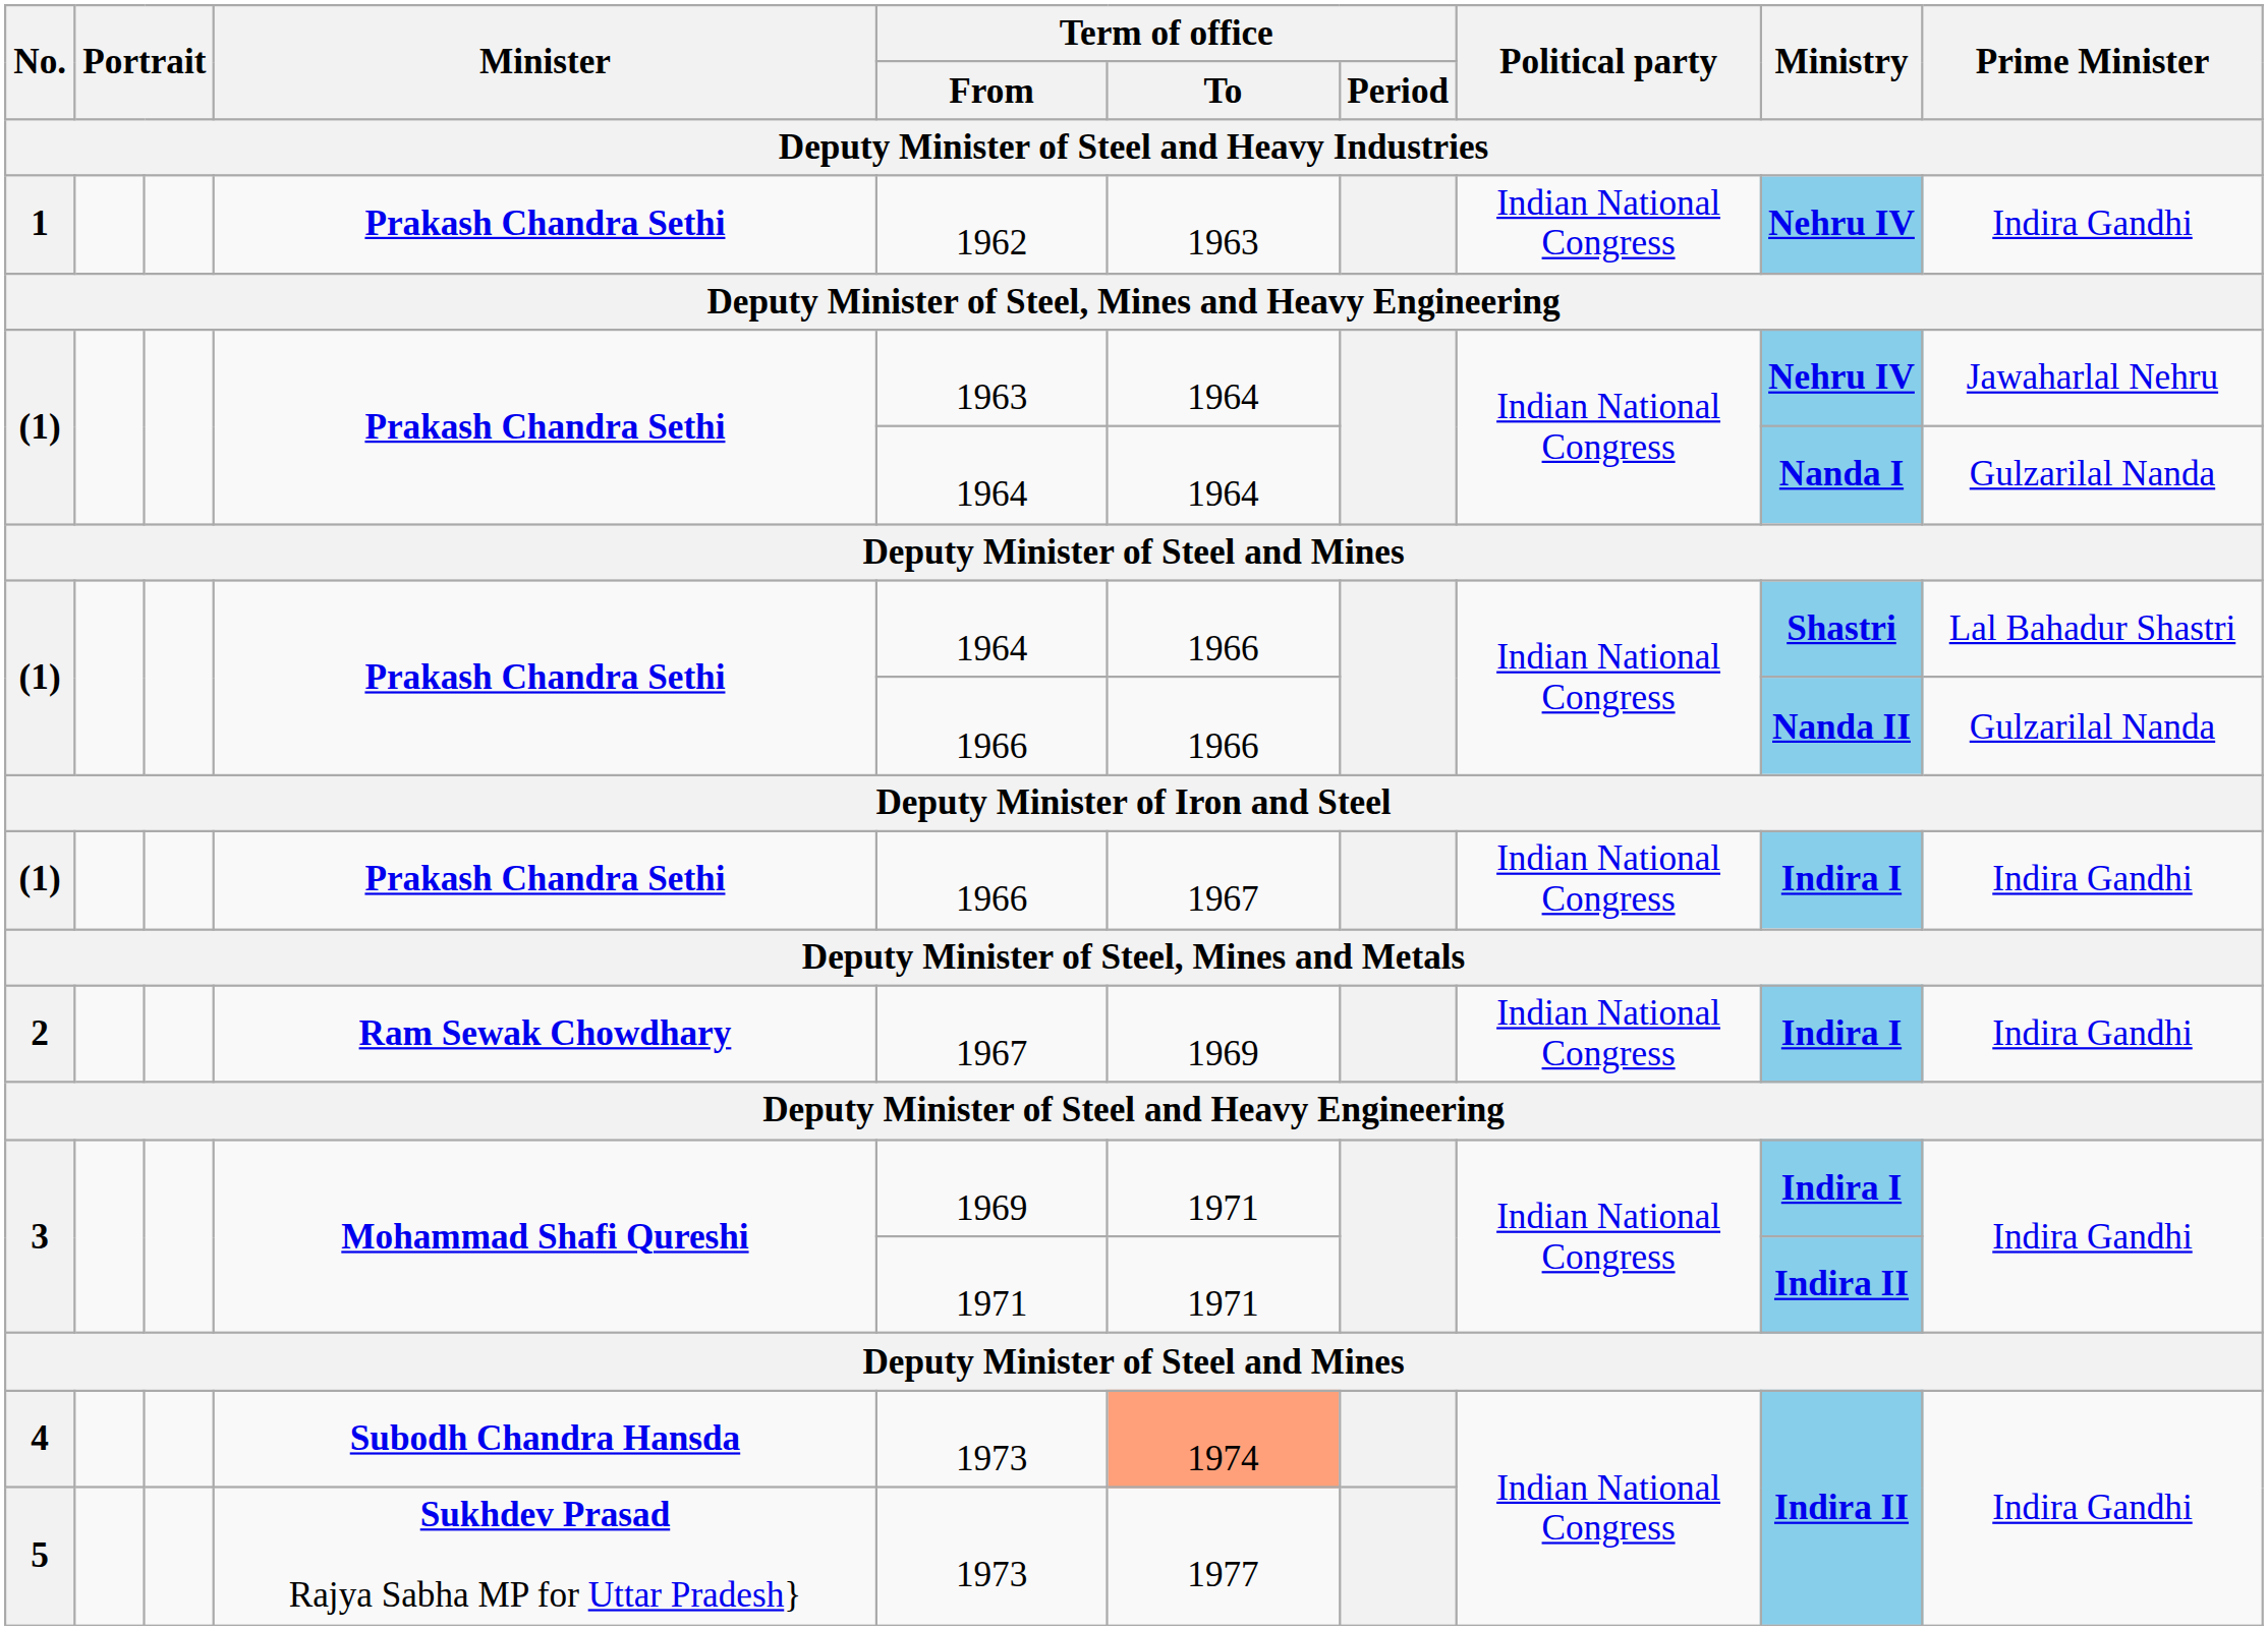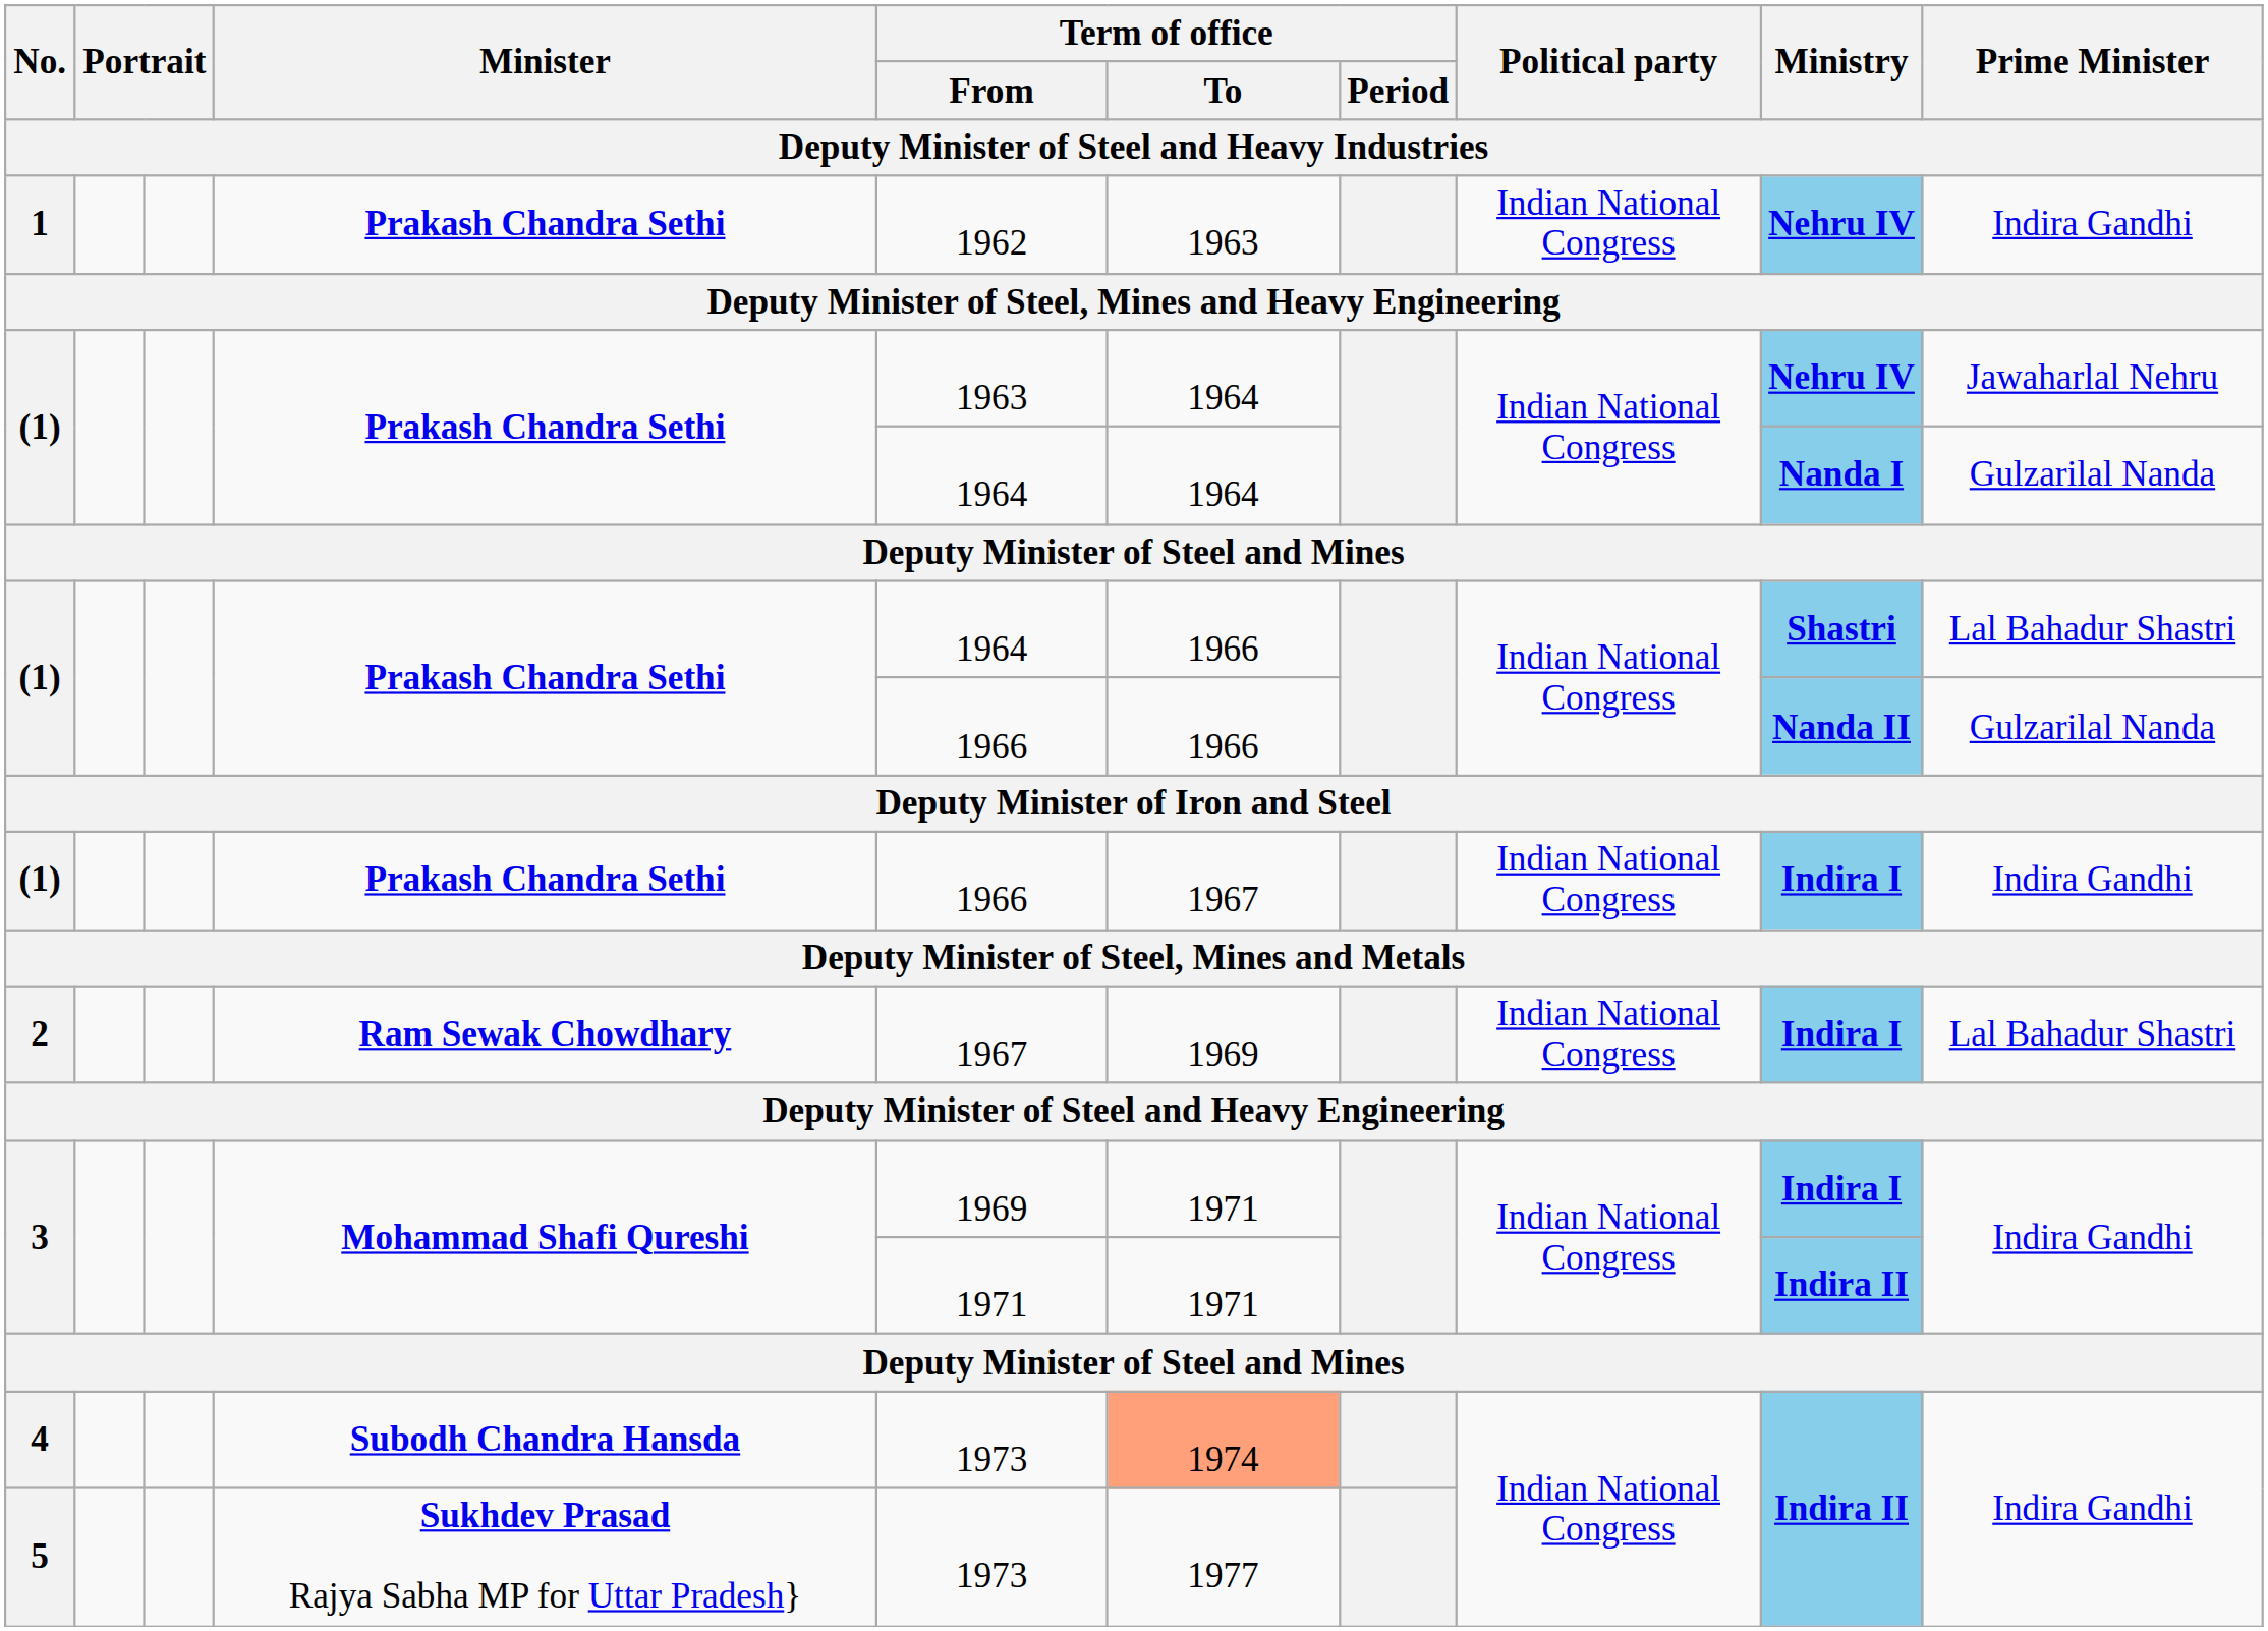 <table class="wikitable" style="text-align:center">
 <tr>
 <th rowspan="2">No.</th>
 <th rowspan="2" colspan="2">Portrait</th>
 <th rowspan="2" style="width:18em">Minister<br></th>
 <th colspan="3">Term of office</th>
 <th rowspan="2" style="width:8em">Political party</th>
 <th rowspan="2">Ministry</th>
 <th rowspan="2" style="width:9em">Prime Minister</th>
 </tr>
 <tr>
 <th style="width:6em">From</th>
 <th style="width:6em">To</th>
 <th>Period</th>
 </tr>
 <tr>
 <th colspan="10">Deputy Minister of Steel and Heavy Industries</th>
 </tr>
 <tr>
 <th>1</th>
 <td></td>
 <td></td>
 <td><strong><a href='#'>Prakash Chandra Sethi</a></strong><br></td>
 <td><br>1962</td>
 <td><br>1963</td>
 <th></th>
 <td><a href='#'>Indian National Congress</a></td>
 <td bgcolor="#87CEEB"><strong><a href='#'>Nehru IV</a></strong></td>
 <td><a href='#'>Indira Gandhi</a></td>
 </tr>
 <tr>
 <th colspan="10">Deputy Minister of Steel, Mines and Heavy Engineering</th>
 </tr>
 <tr>
 <th rowspan="2">(1)</th>
 <td rowspan="2"></td>
 <td rowspan="2"></td>
 <td rowspan="2"><strong><a href='#'>Prakash Chandra Sethi</a></strong><br></td>
 <td><br>1963</td>
 <td><br>1964</td>
 <th rowspan="2"></th>
 <td rowspan="2"><a href='#'>Indian National Congress</a></td>
 <td bgcolor="#87CEEB"><strong><a href='#'>Nehru IV</a></strong></td>
 <td><a href='#'>Jawaharlal Nehru</a></td>
 </tr>
 <tr>
 <td><br>1964</td>
 <td><br>1964</td>
 <td bgcolor="#87CEEB"><strong><a href='#'>Nanda I</a></strong></td>
 <td><a href='#'>Gulzarilal Nanda</a><br></td>
 </tr>
 <tr>
 <th colspan="10">Deputy Minister of Steel and Mines</th>
 </tr>
 <tr>
 <th rowspan="2">(1)</th>
 <td rowspan="2"></td>
 <td rowspan="2"></td>
 <td rowspan="2"><strong><a href='#'>Prakash Chandra Sethi</a></strong><br></td>
 <td><br>1964</td>
 <td><br>1966</td>
 <th rowspan="2"></th>
 <td rowspan="2"><a href='#'>Indian National Congress</a></td>
 <td bgcolor="#87CEEB"><strong><a href='#'>Shastri</a></strong></td>
 <td><a href='#'>Lal Bahadur Shastri</a></td>
 </tr>
 <tr>
 <td><br>1966</td>
 <td><br>1966</td>
 <td bgcolor="#87CEEB"><strong><a href='#'>Nanda II</a></strong></td>
 <td><a href='#'>Gulzarilal Nanda</a><br></td>
 </tr>
 <tr>
 <th colspan="10">Deputy Minister of Iron and Steel</th>
 </tr>
 <tr>
 <th>(1)</th>
 <td></td>
 <td></td>
 <td><strong><a href='#'>Prakash Chandra Sethi</a></strong><br></td>
 <td><br>1966</td>
 <td><br>1967</td>
 <th></th>
 <td><a href='#'>Indian National Congress</a></td>
 <td bgcolor="#87CEEB"><strong><a href='#'>Indira I</a></strong></td>
 <td><a href='#'>Indira Gandhi</a></td>
 </tr>
 <tr>
 <th colspan="10">Deputy Minister of Steel, Mines and Metals</th>
 </tr>
 <tr>
 <th>2</th>
 <td></td>
 <td></td>
 <td><strong><a href='#'>Ram Sewak Chowdhary</a></strong><br></td>
 <td><br>1967</td>
 <td><br>1969</td>
 <th></th>
 <td><a href='#'>Indian National Congress</a></td>
 <td bgcolor="#87CEEB"><strong><a href='#'>Indira I</a></strong></td>
-<td><a href='#'>Indira Gandhi</a></td>
+<td><a href='#'>Lal Bahadur Shastri</a></td>
 </tr>
 <tr>
 <th colspan="10">Deputy Minister of Steel and Heavy Engineering</th>
 </tr>
 <tr>
 <th rowspan="2">3</th>
 <td rowspan="2"></td>
 <td rowspan="2"></td>
 <td rowspan="2"><strong><a href='#'>Mohammad Shafi Qureshi</a></strong><br></td>
 <td><br>1969</td>
 <td><br>1971</td>
 <th rowspan="2"></th>
 <td rowspan="2"><a href='#'>Indian National Congress</a></td>
 <td bgcolor="#87CEEB"><strong><a href='#'>Indira I</a></strong></td>
 <td rowspan="2"><a href='#'>Indira Gandhi</a></td>
 </tr>
 <tr>
 <td><br>1971</td>
 <td><br>1971</td>
 <td bgcolor="#87CEEB"><strong><a href='#'>Indira II</a></strong></td>
 </tr>
 <tr>
 <th colspan="10">Deputy Minister of Steel and Mines</th>
 </tr>
 <tr>
 <th>4</th>
 <td></td>
 <td></td>
 <td><strong><a href='#'>Subodh Chandra Hansda</a></strong><br></td>
 <td><br>1973</td>
 <td style="background: lightsalmon;"><br>1974</td>
 <th></th>
 <td rowspan="2"><a href='#'>Indian National Congress</a></td>
 <td rowspan="2" bgcolor="#87CEEB"><strong><a href='#'>Indira II</a></strong></td>
 <td rowspan="2"><a href='#'>Indira Gandhi</a></td>
 </tr>
 <tr>
 <th>5</th>
 <td></td>
 <td></td>
 <td><strong><a href='#'>Sukhdev Prasad</a></strong><br><br>Rajya Sabha MP for <a href='#'>Uttar Pradesh</a>}</td>
 <td><br>1973</td>
 <td><br>1977</td>
 <th></th>
 </tr>
 <tr>
 </tr>
 </table>
